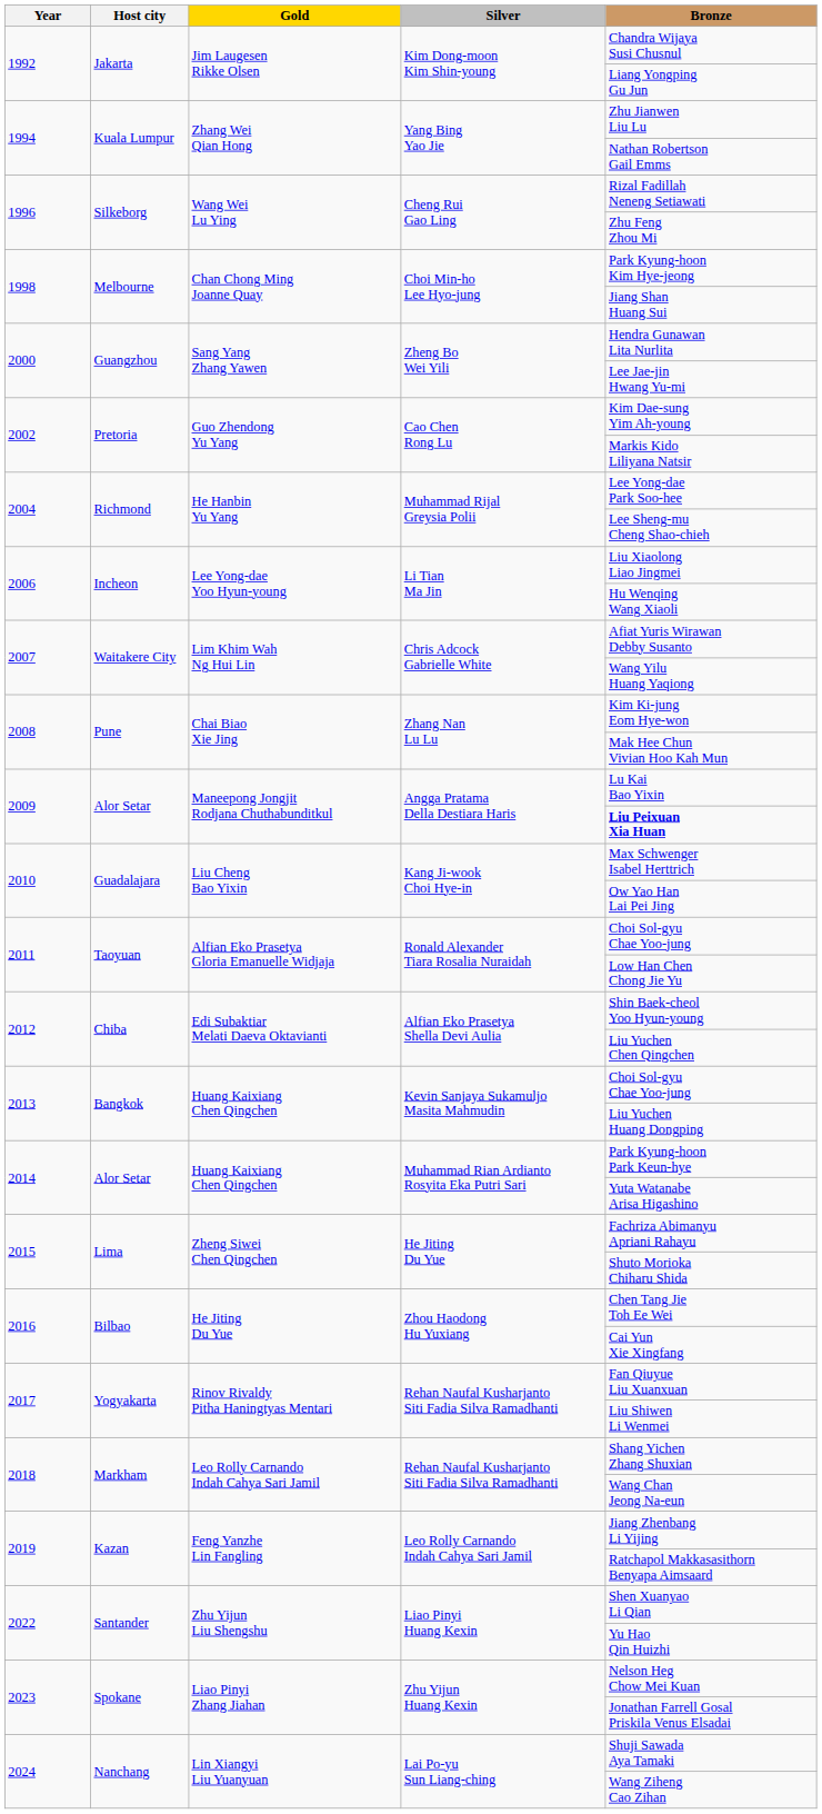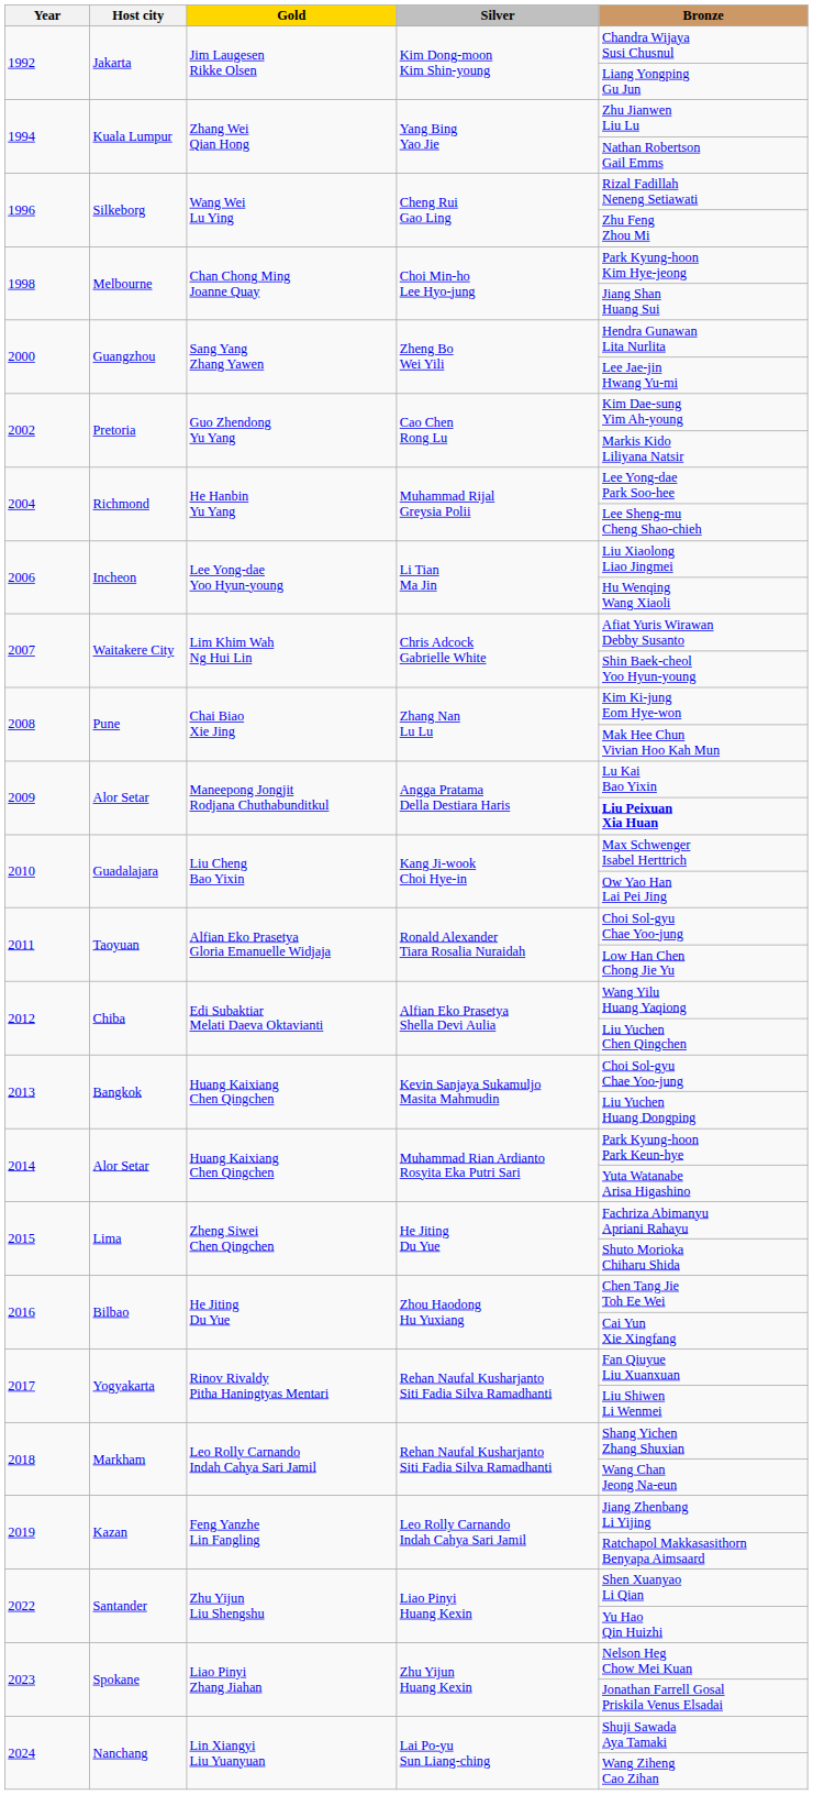 <table class="wikitable" style="text-align: left; width: 950px;">
 <tr>
 <th width="120">Year</th>
 <th width="120">Host city</th>
 <th width="300" style="background-color: gold">Gold</th>
 <th width="300" style="background-color: silver">Silver</th>
 <th width="300" style="background-color: #cc9966">Bronze</th>
 </tr>
 <tr>
 <td rowspan="2"><a href='#'>1992</a></td>
 <td rowspan="2"><a href='#'>Jakarta</a></td>
 <td rowspan="2"> <a href='#'>Jim Laugesen</a><br> <a href='#'>Rikke Olsen</a></td>
 <td rowspan="2"> <a href='#'>Kim Dong-moon</a><br> <a href='#'>Kim Shin-young</a></td>
 <td> <a href='#'>Chandra Wijaya</a><br> <a href='#'>Susi Chusnul</a></td>
 </tr>
 <tr>
 <td> <a href='#'>Liang Yongping</a><br> <a href='#'>Gu Jun</a></td>
 </tr>
 <tr>
 <td rowspan="2"><a href='#'>1994</a></td>
 <td rowspan="2"><a href='#'>Kuala Lumpur</a></td>
 <td rowspan="2"> <a href='#'>Zhang Wei</a><br> <a href='#'>Qian Hong</a></td>
 <td rowspan="2"> <a href='#'>Yang Bing</a><br> <a href='#'>Yao Jie</a></td>
 <td> <a href='#'>Zhu Jianwen</a><br> <a href='#'>Liu Lu</a></td>
 </tr>
 <tr>
 <td> <a href='#'>Nathan Robertson</a><br> <a href='#'>Gail Emms</a></td>
 </tr>
 <tr>
 <td rowspan="2"><a href='#'>1996</a></td>
 <td rowspan="2"><a href='#'>Silkeborg</a></td>
 <td rowspan="2"> <a href='#'>Wang Wei</a><br> <a href='#'>Lu Ying</a></td>
 <td rowspan="2"> <a href='#'>Cheng Rui</a><br> <a href='#'>Gao Ling</a></td>
 <td> <a href='#'>Rizal Fadillah</a><br> <a href='#'>Neneng Setiawati</a></td>
 </tr>
 <tr>
 <td> <a href='#'>Zhu Feng</a><br> <a href='#'>Zhou Mi</a></td>
 </tr>
 <tr>
 <td rowspan="2"><a href='#'>1998</a></td>
 <td rowspan="2"><a href='#'>Melbourne</a></td>
 <td rowspan="2"> <a href='#'>Chan Chong Ming</a><br> <a href='#'>Joanne Quay</a></td>
 <td rowspan="2"> <a href='#'>Choi Min-ho</a><br> <a href='#'>Lee Hyo-jung</a></td>
 <td> <a href='#'>Park Kyung-hoon</a><br> <a href='#'>Kim Hye-jeong</a></td>
 </tr>
 <tr>
 <td> <a href='#'>Jiang Shan</a><br> <a href='#'>Huang Sui</a></td>
 </tr>
 <tr>
 <td rowspan="2"><a href='#'>2000</a></td>
 <td rowspan="2"><a href='#'>Guangzhou</a></td>
 <td rowspan="2"> <a href='#'>Sang Yang</a><br> <a href='#'>Zhang Yawen</a></td>
 <td rowspan="2"> <a href='#'>Zheng Bo</a><br> <a href='#'>Wei Yili</a></td>
 <td> <a href='#'>Hendra Gunawan</a><br> <a href='#'>Lita Nurlita</a></td>
 </tr>
 <tr>
 <td> <a href='#'>Lee Jae-jin</a><br> <a href='#'>Hwang Yu-mi</a></td>
 </tr>
 <tr>
 <td rowspan="2"><a href='#'>2002</a></td>
 <td rowspan="2"><a href='#'>Pretoria</a></td>
 <td rowspan="2"> <a href='#'>Guo Zhendong</a><br> <a href='#'>Yu Yang</a></td>
 <td rowspan="2"> <a href='#'>Cao Chen</a><br> <a href='#'>Rong Lu</a></td>
 <td> <a href='#'>Kim Dae-sung</a><br> <a href='#'>Yim Ah-young</a></td>
 </tr>
 <tr>
 <td> <a href='#'>Markis Kido</a><br> <a href='#'>Liliyana Natsir</a></td>
 </tr>
 <tr>
 <td rowspan="2"><a href='#'>2004</a></td>
 <td rowspan="2"><a href='#'>Richmond</a></td>
 <td rowspan="2"> <a href='#'>He Hanbin</a><br> <a href='#'>Yu Yang</a></td>
 <td rowspan="2"> <a href='#'>Muhammad Rijal</a><br> <a href='#'>Greysia Polii</a></td>
 <td> <a href='#'>Lee Yong-dae</a><br> <a href='#'>Park Soo-hee</a></td>
 </tr>
 <tr>
 <td> <a href='#'>Lee Sheng-mu</a><br> <a href='#'>Cheng Shao-chieh</a></td>
 </tr>
 <tr>
 <td rowspan="2"><a href='#'>2006</a></td>
 <td rowspan="2"><a href='#'>Incheon</a></td>
 <td rowspan="2"> <a href='#'>Lee Yong-dae</a><br> <a href='#'>Yoo Hyun-young</a></td>
 <td rowspan="2"> <a href='#'>Li Tian</a><br> <a href='#'>Ma Jin</a></td>
 <td> <a href='#'>Liu Xiaolong</a><br> <a href='#'>Liao Jingmei</a></td>
 </tr>
 <tr>
 <td> <a href='#'>Hu Wenqing</a><br> <a href='#'>Wang Xiaoli</a></td>
 </tr>
 <tr>
 <td rowspan="2"><a href='#'>2007</a></td>
 <td rowspan="2"><a href='#'>Waitakere City</a></td>
 <td rowspan="2"> <a href='#'>Lim Khim Wah</a><br> <a href='#'>Ng Hui Lin</a></td>
 <td rowspan="2"> <a href='#'>Chris Adcock</a><br> <a href='#'>Gabrielle White</a></td>
 <td> <a href='#'>Afiat Yuris Wirawan</a><br> <a href='#'>Debby Susanto</a></td>
 </tr>
 <tr>
-<td> <a href='#'>Wang Yilu</a><br> <a href='#'>Huang Yaqiong</a></td>
+<td> <a href='#'>Shin Baek-cheol</a><br> <a href='#'>Yoo Hyun-young</a></td>
 </tr>
 <tr>
 <td rowspan="2"><a href='#'>2008</a></td>
 <td rowspan="2"><a href='#'>Pune</a></td>
 <td rowspan="2"> <a href='#'>Chai Biao</a><br> <a href='#'>Xie Jing</a></td>
 <td rowspan="2"> <a href='#'>Zhang Nan</a><br> <a href='#'>Lu Lu</a></td>
 <td> <a href='#'>Kim Ki-jung</a><br> <a href='#'>Eom Hye-won</a></td>
 </tr>
 <tr>
 <td> <a href='#'>Mak Hee Chun</a><br> <a href='#'>Vivian Hoo Kah Mun</a></td>
 </tr>
 <tr>
 <td rowspan="2"><a href='#'>2009</a></td>
 <td rowspan="2"><a href='#'>Alor Setar</a></td>
 <td rowspan="2"> <a href='#'>Maneepong Jongjit</a><br> <a href='#'>Rodjana Chuthabunditkul</a></td>
 <td rowspan="2"> <a href='#'>Angga Pratama</a><br> <a href='#'>Della Destiara Haris</a></td>
 <td> <a href='#'>Lu Kai</a><br> <a href='#'>Bao Yixin</a></td>
 </tr>
 <tr>
 <td><strong> <a href='#'>Liu Peixuan</a><br> <a href='#'>Xia Huan</a></strong></td>
 </tr>
 <tr>
 <td rowspan="2"><a href='#'>2010</a></td>
 <td rowspan="2"><a href='#'>Guadalajara</a></td>
 <td rowspan="2"> <a href='#'>Liu Cheng</a><br> <a href='#'>Bao Yixin</a></td>
 <td rowspan="2"> <a href='#'>Kang Ji-wook</a><br> <a href='#'>Choi Hye-in</a></td>
 <td> <a href='#'>Max Schwenger</a><br> <a href='#'>Isabel Herttrich</a></td>
 </tr>
 <tr>
 <td> <a href='#'>Ow Yao Han</a><br> <a href='#'>Lai Pei Jing</a></td>
 </tr>
 <tr>
 <td rowspan="2"><a href='#'>2011</a></td>
 <td rowspan="2"><a href='#'>Taoyuan</a></td>
 <td rowspan="2"> <a href='#'>Alfian Eko Prasetya</a><br> <a href='#'>Gloria Emanuelle Widjaja</a></td>
 <td rowspan="2"> <a href='#'>Ronald Alexander</a><br> <a href='#'>Tiara Rosalia Nuraidah</a></td>
 <td> <a href='#'>Choi Sol-gyu</a><br> <a href='#'>Chae Yoo-jung</a></td>
 </tr>
 <tr>
 <td> <a href='#'>Low Han Chen</a><br> <a href='#'>Chong Jie Yu</a></td>
 </tr>
 <tr>
 <td rowspan="2"><a href='#'>2012</a></td>
 <td rowspan="2"><a href='#'>Chiba</a></td>
 <td rowspan="2"> <a href='#'>Edi Subaktiar</a><br> <a href='#'>Melati Daeva Oktavianti</a></td>
 <td rowspan="2"> <a href='#'>Alfian Eko Prasetya</a><br> <a href='#'>Shella Devi Aulia</a></td>
-<td> <a href='#'>Shin Baek-cheol</a><br> <a href='#'>Yoo Hyun-young</a></td>
+<td> <a href='#'>Wang Yilu</a><br> <a href='#'>Huang Yaqiong</a></td>
 </tr>
 <tr>
 <td> <a href='#'>Liu Yuchen</a><br> <a href='#'>Chen Qingchen</a></td>
 </tr>
 <tr>
 <td rowspan="2"><a href='#'>2013</a></td>
 <td rowspan="2"><a href='#'>Bangkok</a></td>
 <td rowspan="2"> <a href='#'>Huang Kaixiang</a><br> <a href='#'>Chen Qingchen</a></td>
 <td rowspan="2"> <a href='#'>Kevin Sanjaya Sukamuljo</a><br> <a href='#'>Masita Mahmudin</a></td>
 <td> <a href='#'>Choi Sol-gyu</a><br> <a href='#'>Chae Yoo-jung</a></td>
 </tr>
 <tr>
 <td> <a href='#'>Liu Yuchen</a><br> <a href='#'>Huang Dongping</a></td>
 </tr>
 <tr>
 <td rowspan="2"><a href='#'>2014</a></td>
 <td rowspan="2"><a href='#'>Alor Setar</a></td>
 <td rowspan="2"> <a href='#'>Huang Kaixiang</a><br> <a href='#'>Chen Qingchen</a></td>
 <td rowspan="2"> <a href='#'>Muhammad Rian Ardianto</a><br> <a href='#'>Rosyita Eka Putri Sari</a></td>
 <td> <a href='#'>Park Kyung-hoon</a><br> <a href='#'>Park Keun-hye</a></td>
 </tr>
 <tr>
 <td> <a href='#'>Yuta Watanabe</a><br> <a href='#'>Arisa Higashino</a></td>
 </tr>
 <tr>
 <td rowspan="2"><a href='#'>2015</a></td>
 <td rowspan="2"><a href='#'>Lima</a></td>
 <td rowspan="2"> <a href='#'>Zheng Siwei</a><br> <a href='#'>Chen Qingchen</a></td>
 <td rowspan="2"> <a href='#'>He Jiting</a><br> <a href='#'>Du Yue</a></td>
 <td> <a href='#'>Fachriza Abimanyu</a><br> <a href='#'>Apriani Rahayu</a></td>
 </tr>
 <tr>
 <td> <a href='#'>Shuto Morioka</a><br> <a href='#'>Chiharu Shida</a></td>
 </tr>
 <tr>
 <td rowspan="2"><a href='#'>2016</a></td>
 <td rowspan="2"><a href='#'>Bilbao</a></td>
 <td rowspan="2"> <a href='#'>He Jiting</a><br> <a href='#'>Du Yue</a></td>
 <td rowspan="2"> <a href='#'>Zhou Haodong</a><br> <a href='#'>Hu Yuxiang</a></td>
 <td> <a href='#'>Chen Tang Jie</a><br> <a href='#'>Toh Ee Wei</a></td>
 </tr>
 <tr>
 <td> <a href='#'>Cai Yun</a><br> <a href='#'>Xie Xingfang</a></td>
 </tr>
 <tr>
 <td rowspan="2"><a href='#'>2017</a></td>
 <td rowspan="2"><a href='#'>Yogyakarta</a></td>
 <td rowspan="2"> <a href='#'>Rinov Rivaldy</a><br> <a href='#'>Pitha Haningtyas Mentari</a></td>
 <td rowspan="2"> <a href='#'>Rehan Naufal Kusharjanto</a><br> <a href='#'>Siti Fadia Silva Ramadhanti</a></td>
 <td> <a href='#'>Fan Qiuyue</a><br> <a href='#'>Liu Xuanxuan</a></td>
 </tr>
 <tr>
 <td> <a href='#'>Liu Shiwen</a><br> <a href='#'>Li Wenmei</a></td>
 </tr>
 <tr>
 <td rowspan="2"><a href='#'>2018</a></td>
 <td rowspan="2"><a href='#'>Markham</a></td>
 <td rowspan="2"> <a href='#'>Leo Rolly Carnando</a><br> <a href='#'>Indah Cahya Sari Jamil</a></td>
 <td rowspan="2"> <a href='#'>Rehan Naufal Kusharjanto</a><br> <a href='#'>Siti Fadia Silva Ramadhanti</a></td>
 <td> <a href='#'>Shang Yichen</a><br> <a href='#'>Zhang Shuxian</a></td>
 </tr>
 <tr>
 <td> <a href='#'>Wang Chan</a><br> <a href='#'>Jeong Na-eun</a></td>
 </tr>
 <tr>
 <td rowspan="2"><a href='#'>2019</a></td>
 <td rowspan="2"><a href='#'>Kazan</a></td>
 <td rowspan="2"> <a href='#'>Feng Yanzhe</a><br> <a href='#'>Lin Fangling</a></td>
 <td rowspan="2"> <a href='#'>Leo Rolly Carnando</a><br> <a href='#'>Indah Cahya Sari Jamil</a></td>
 <td> <a href='#'>Jiang Zhenbang</a><br> <a href='#'>Li Yijing</a></td>
 </tr>
 <tr>
 <td> <a href='#'>Ratchapol Makkasasithorn</a><br> <a href='#'>Benyapa Aimsaard</a></td>
 </tr>
 <tr>
 <td rowspan="2"><a href='#'>2022</a></td>
 <td rowspan="2"><a href='#'>Santander</a></td>
 <td rowspan="2"> <a href='#'> Zhu Yijun</a><br> <a href='#'>Liu Shengshu</a></td>
 <td rowspan="2"> <a href='#'>Liao Pinyi</a><br> <a href='#'>Huang Kexin</a></td>
 <td> <a href='#'>Shen Xuanyao</a><br> <a href='#'>Li Qian</a></td>
 </tr>
 <tr>
 <td> <a href='#'>Yu Hao</a><br> <a href='#'>Qin Huizhi</a></td>
 </tr>
 <tr>
 <td rowspan="2"><a href='#'>2023</a></td>
 <td rowspan="2"><a href='#'>Spokane</a></td>
 <td rowspan="2"> <a href='#'>Liao Pinyi</a><br> <a href='#'>Zhang Jiahan</a></td>
 <td rowspan="2"> <a href='#'> Zhu Yijun</a><br> <a href='#'>Huang Kexin</a></td>
 <td> <a href='#'>Nelson Heg</a><br> <a href='#'>Chow Mei Kuan</a></td>
 </tr>
 <tr>
 <td> <a href='#'>Jonathan Farrell Gosal</a><br> <a href='#'>Priskila Venus Elsadai</a></td>
 </tr>
 <tr>
 <td rowspan="2"><a href='#'>2024</a></td>
 <td rowspan="2"><a href='#'>Nanchang</a></td>
 <td rowspan="2"> <a href='#'>Lin Xiangyi</a><br> <a href='#'>Liu Yuanyuan</a></td>
 <td rowspan="2"> <a href='#'>Lai Po-yu</a><br> <a href='#'>Sun Liang-ching</a></td>
 <td> <a href='#'>Shuji Sawada</a><br> <a href='#'>Aya Tamaki</a></td>
 </tr>
 <tr>
 <td> <a href='#'>Wang Ziheng</a><br> <a href='#'>Cao Zihan</a></td>
 </tr>
 </table>
